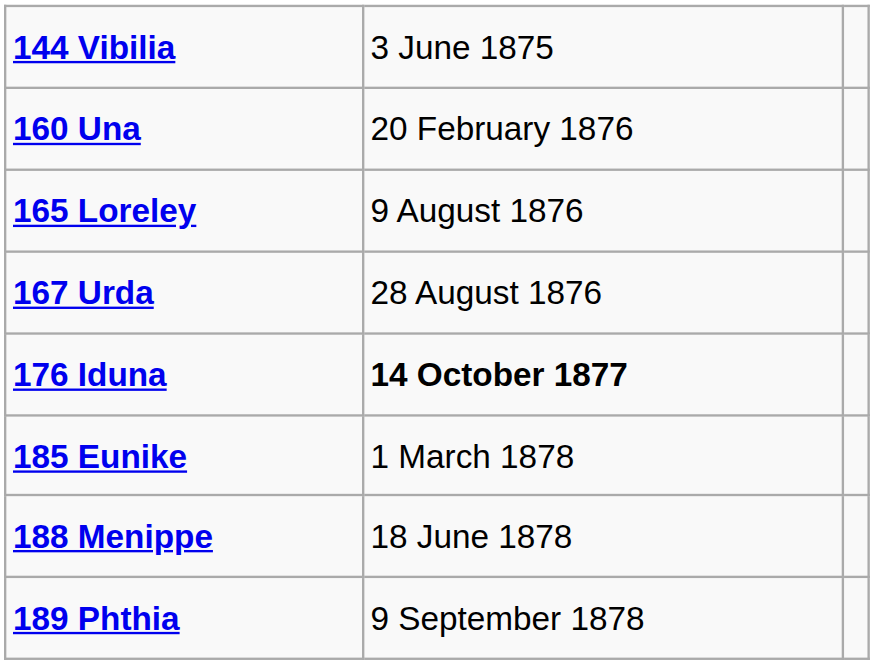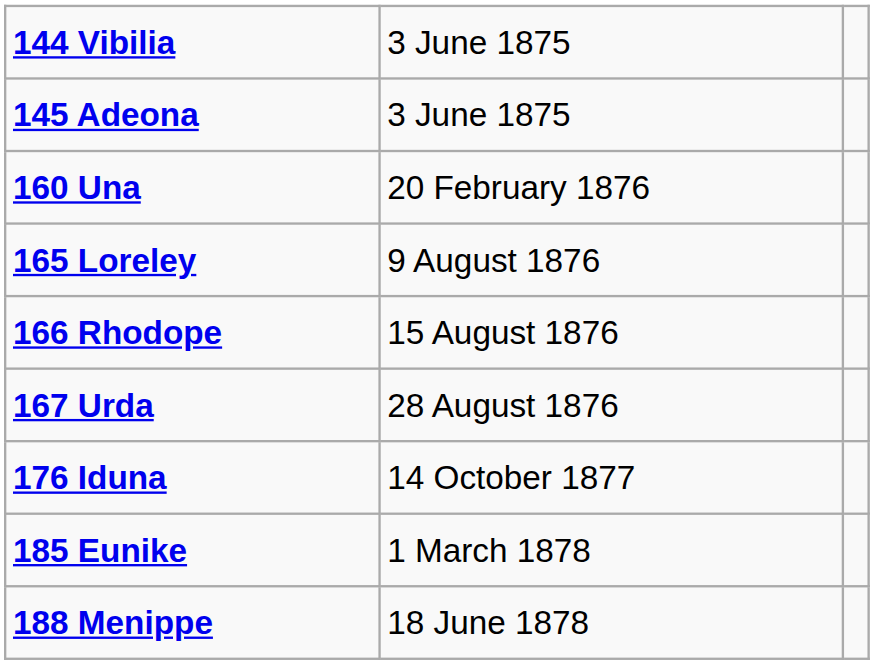 <table class="wikitable" style="font-size: 89%; float: left; width: 26em; margin-right: 1em; height: 280px;">
 <tr>
 <td><strong><a href='#'>144 Vibilia</a></strong></td>
+<td>3 June 1875</td>
+<td></td>
+</tr>
+<tr>
+<td><strong><a href='#'>145 Adeona</a></strong></td>
 <td>3 June 1875</td>
 <td></td>
 </tr>
 <tr>
 <td><strong><a href='#'>160 Una</a></strong></td>
 <td>20 February 1876</td>
 <td></td>
 </tr>
 <tr>
 <td><strong><a href='#'>165 Loreley</a></strong></td>
 <td>9 August 1876</td>
 <td></td>
 </tr>
 <tr>
+<td><strong><a href='#'>166 Rhodope</a></strong></td>
+<td>15 August 1876</td>
+<td></td>
+</tr>
+<tr>
 <td><strong><a href='#'>167 Urda</a></strong></td>
 <td>28 August 1876</td>
 <td></td>
 </tr>
 <tr>
 <td><strong><a href='#'>176 Iduna</a></strong></td>
-<td><strong>14 October 1877</strong></td>
+<td>14 October 1877</td>
 <td></td>
 </tr>
 <tr>
 <td><strong><a href='#'>185 Eunike</a></strong></td>
 <td>1 March 1878</td>
 <td></td>
 </tr>
 <tr>
 <td><strong><a href='#'>188 Menippe</a></strong></td>
 <td>18 June 1878</td>
 <td></td>
 </tr>
-<tr>
-<td><strong><a href='#'>189 Phthia</a></strong></td>
-<td>9 September 1878</td>
-<td></td>
-</tr>
 </table>
